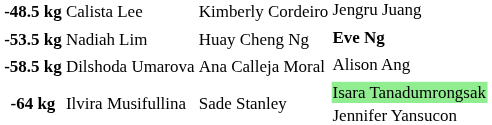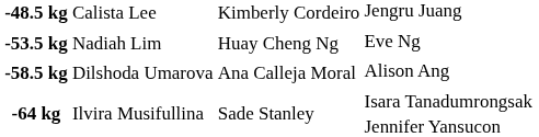 <table>
 <tr>
 <th scope=row rowspan=2>-48.5 kg</th>
 <td rowspan=2> Calista Lee</td>
 <td rowspan=2> Kimberly Cordeiro</td>
 <td> Jengru Juang</td>
 </tr>
 <tr>
 <td></td>
 </tr>
 <tr>
 <th scope=row rowspan=2>-53.5 kg</th>
 <td rowspan=2> Nadiah Lim</td>
 <td rowspan=2> Huay Cheng Ng</td>
-<td><strong> Eve Ng</strong></td>
+<td> Eve Ng</td>
 </tr>
 <tr>
 <td></td>
 </tr>
 <tr>
 <th scope=row rowspan=2>-58.5 kg</th>
 <td rowspan=2> Dilshoda Umarova</td>
 <td rowspan=2> Ana Calleja Moral</td>
 <td> Alison Ang</td>
 </tr>
 <tr>
 <td></td>
 </tr>
 <tr>
 <th scope=row rowspan=2>-64 kg</th>
 <td rowspan=2> Ilvira Musifullina</td>
 <td rowspan=2>Sade Stanley</td>
-<td style="background: lightgreen;"> Isara Tanadumrongsak</td>
+<td> Isara Tanadumrongsak</td>
 </tr>
 <tr>
 <td> Jennifer Yansucon</td>
 </tr>
 <tr>
 </tr>
 </table>
